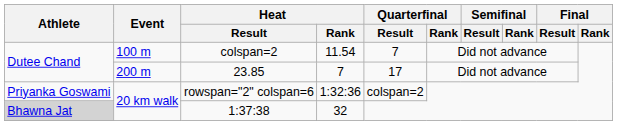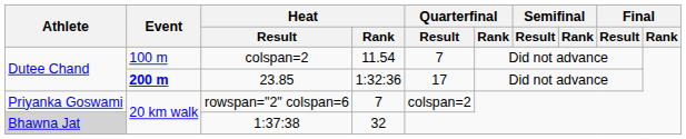 <table class="wikitable" style="font-size:90%">
 <tr>
 <th rowspan=2>Athlete</th>
 <th rowspan=2>Event</th>
 <th colspan="2">Heat</th>
 <th colspan="2">Quarterfinal</th>
 <th colspan="2">Semifinal</th>
 <th colspan="2">Final</th>
 </tr>
 <tr style="font-size:95%">
 <th>Result</th>
 <th>Rank</th>
 <th>Result</th>
 <th>Rank</th>
 <th>Result</th>
 <th>Rank</th>
 <th>Result</th>
 <th>Rank</th>
 </tr>
 <tr align=center>
 <td rowspan="2" align="left"><a href='#'>Dutee Chand</a></td>
 <td align=left><a href='#'>100 m</a></td>
 <td>colspan=2 </td>
 <td>11.54</td>
 <td>7</td>
 <td colspan="4">Did not advance</td>
 </tr>
 <tr align="center">
-<td align=left><a href='#'>200 m</a></td>
+<td align=left><strong><a href='#'>200 m</a></strong></td>
 <td>23.85</td>
-<td>7</td>
+<td>1:32:36</td>
 <td>17</td>
 <td colspan="4">Did not advance</td>
 </tr>
 <tr align=center>
 <td align=left><a href='#'>Priyanka Goswami</a></td>
 <td align=left rowspan=2><a href='#'>20 km walk</a></td>
 <td>rowspan="2" colspan=6 </td>
-<td>1:32:36</td>
+<td>7</td>
 <td>colspan=2 </td>
 </tr>
 <tr align=center>
 <td align=left style="background: lightgrey;"><a href='#'>Bhawna Jat</a></td>
 <td>1:37:38</td>
 <td>32</td>
 </tr>
 </table>
